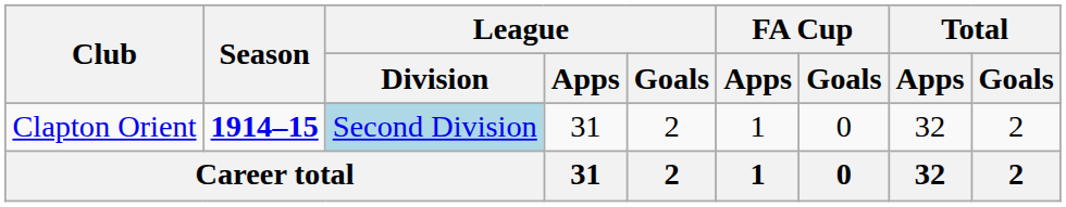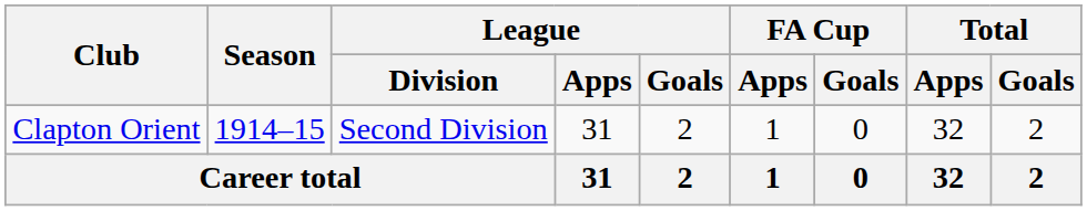 <table class="wikitable" style="text-align: center">
 <tr>
 <th rowspan="2">Club</th>
 <th rowspan="2">Season</th>
 <th colspan="3">League</th>
 <th colspan="2">FA Cup</th>
 <th colspan="2">Total</th>
 </tr>
 <tr>
 <th>Division</th>
 <th>Apps</th>
 <th>Goals</th>
 <th>Apps</th>
 <th>Goals</th>
 <th>Apps</th>
 <th>Goals</th>
 </tr>
 <tr>
 <td><a href='#'>Clapton Orient</a></td>
-<td><strong><a href='#'>1914–15</a></strong></td>
-<td style="background: lightblue;"><a href='#'>Second Division</a></td>
+<td><a href='#'>1914–15</a></td>
+<td><a href='#'>Second Division</a></td>
 <td>31</td>
 <td>2</td>
 <td>1</td>
 <td>0</td>
 <td>32</td>
 <td>2</td>
 </tr>
 <tr>
 <th colspan="3">Career total</th>
 <th>31</th>
 <th>2</th>
 <th>1</th>
 <th>0</th>
 <th>32</th>
 <th>2</th>
 </tr>
 </table>
